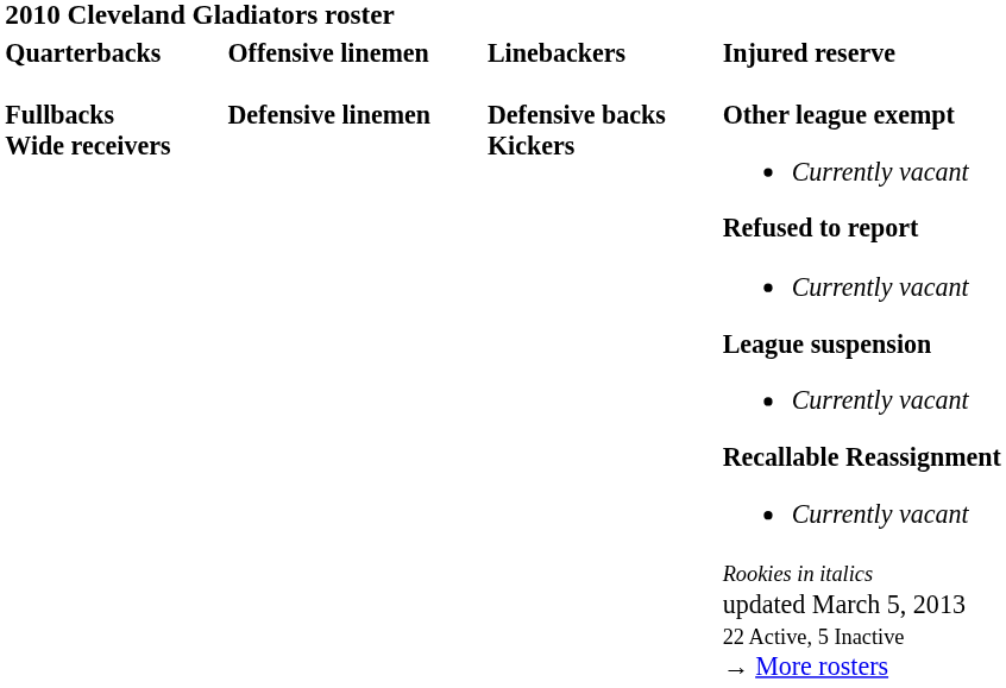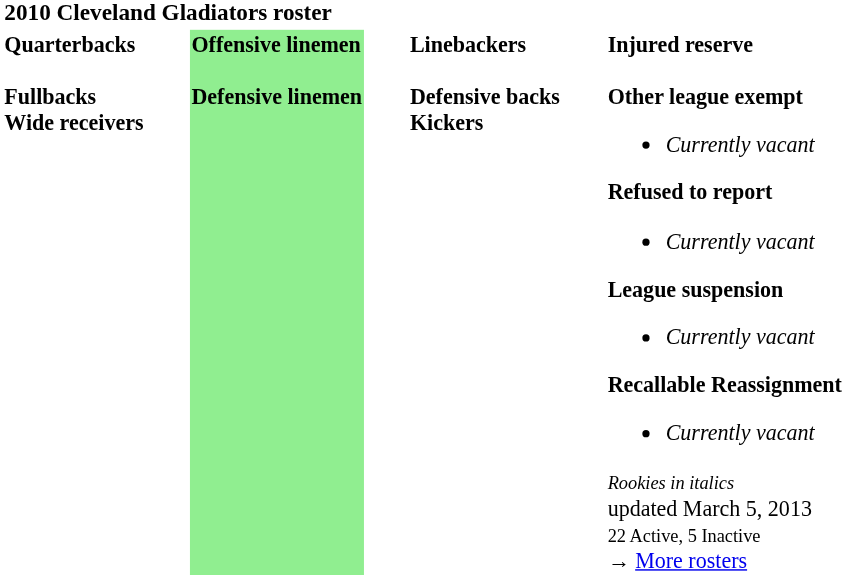 <table class="toccolours" style="text-align: left;">
 <tr>
 <th colspan="7"><strong>2010 Cleveland Gladiators roster</strong></th>
 </tr>
 <tr>
 <td style="font-size: 95%;" valign="top"><strong>Quarterbacks</strong><br> <br><strong>Fullbacks</strong>  <br><strong>Wide receivers</strong>   </td>
 <td style="width: 25px;"></td>
-<td style="font-size: 95%;" valign="top"><strong>Offensive linemen</strong><br>   <br><strong>Defensive linemen</strong>   </td>
+<td style="background: lightgreen; font-size: 95%;" valign="top"><strong>Offensive linemen</strong><br>   <br><strong>Defensive linemen</strong>   </td>
 <td style="width: 25px;"></td>
 <td style="font-size: 95%;" valign="top"><strong>Linebackers</strong><br><br><strong>Defensive backs</strong>      <br><strong>Kickers</strong> </td>
 <td style="width: 25px;"></td>
 <td style="font-size: 95%;" valign="top"><strong>Injured reserve</strong><br>    <br><strong>Other league exempt</strong><ul><li><em>Currently vacant</em></li></ul><strong>Refused to report</strong><ul><li><em>Currently vacant</em></li></ul><strong>League suspension</strong><ul><li><em>Currently vacant</em></li></ul><strong>Recallable Reassignment</strong><ul><li><em>Currently vacant</em></li></ul><small><em>Rookies in italics</em></small><br> <span></span> updated March 5, 2013<br> <small>22 Active, 5 Inactive</small><br>→ <a href='#'>More rosters</a></td>
 </tr>
 <tr>
 </tr>
 </table>
